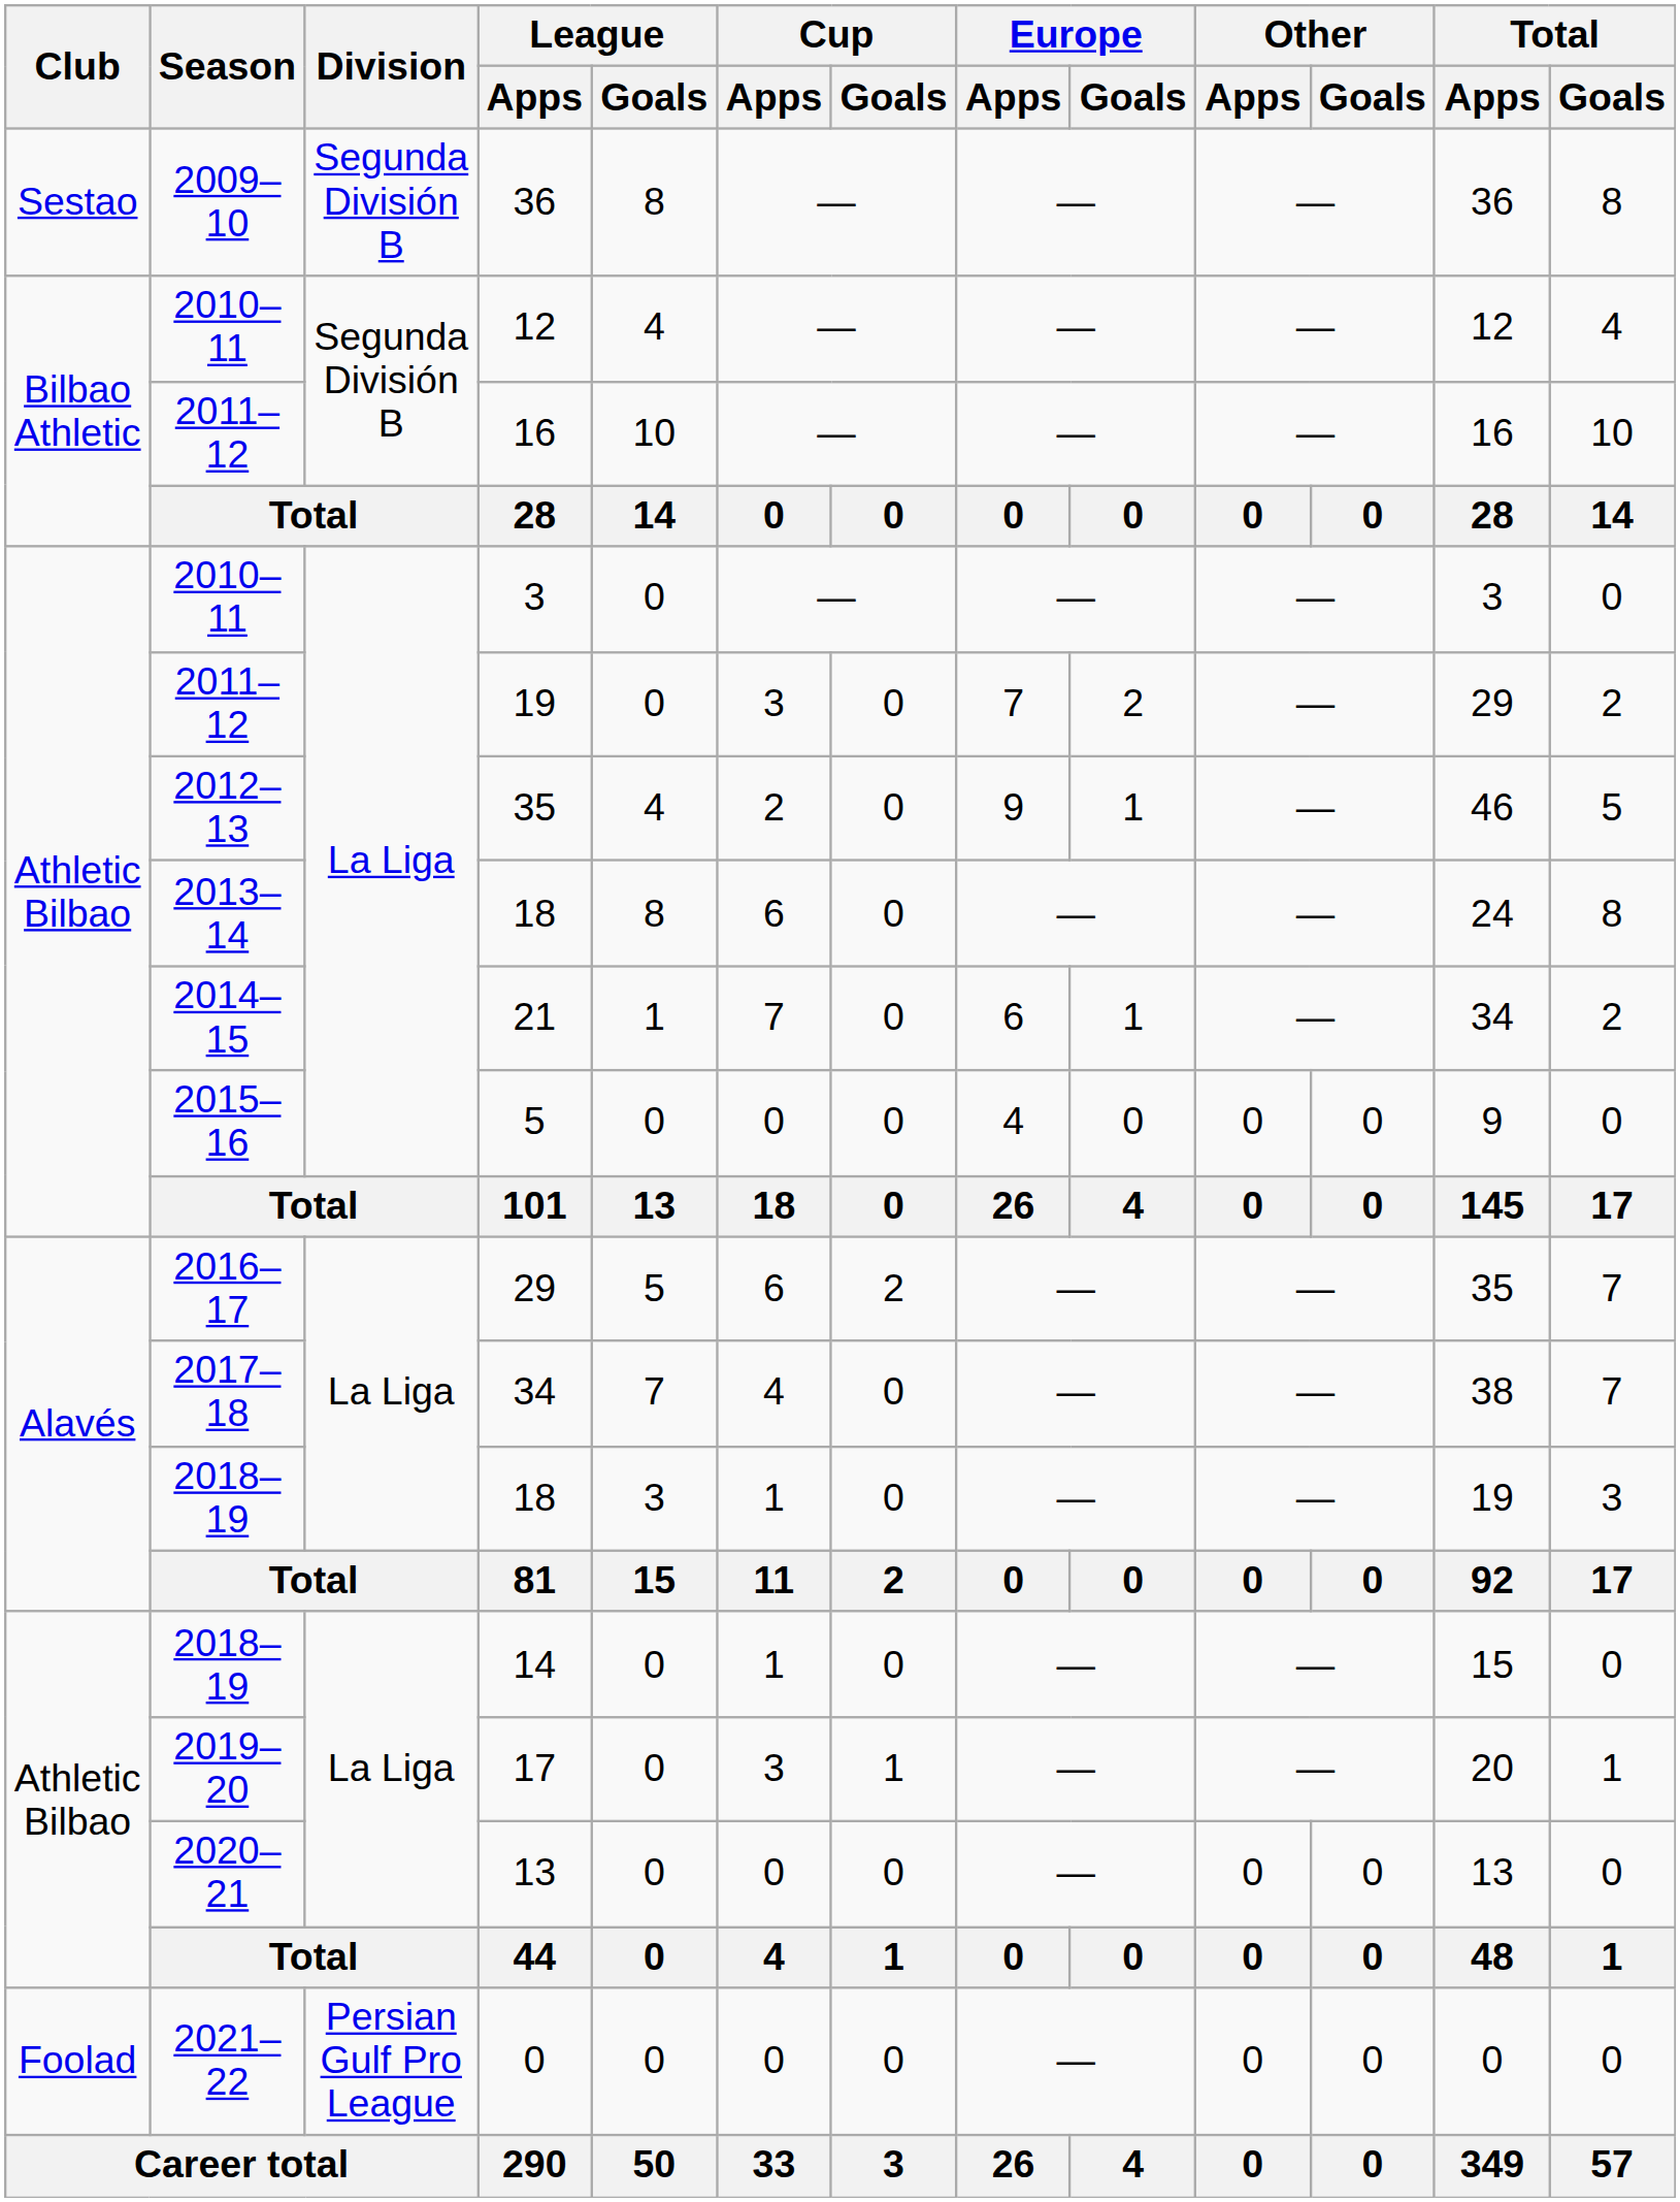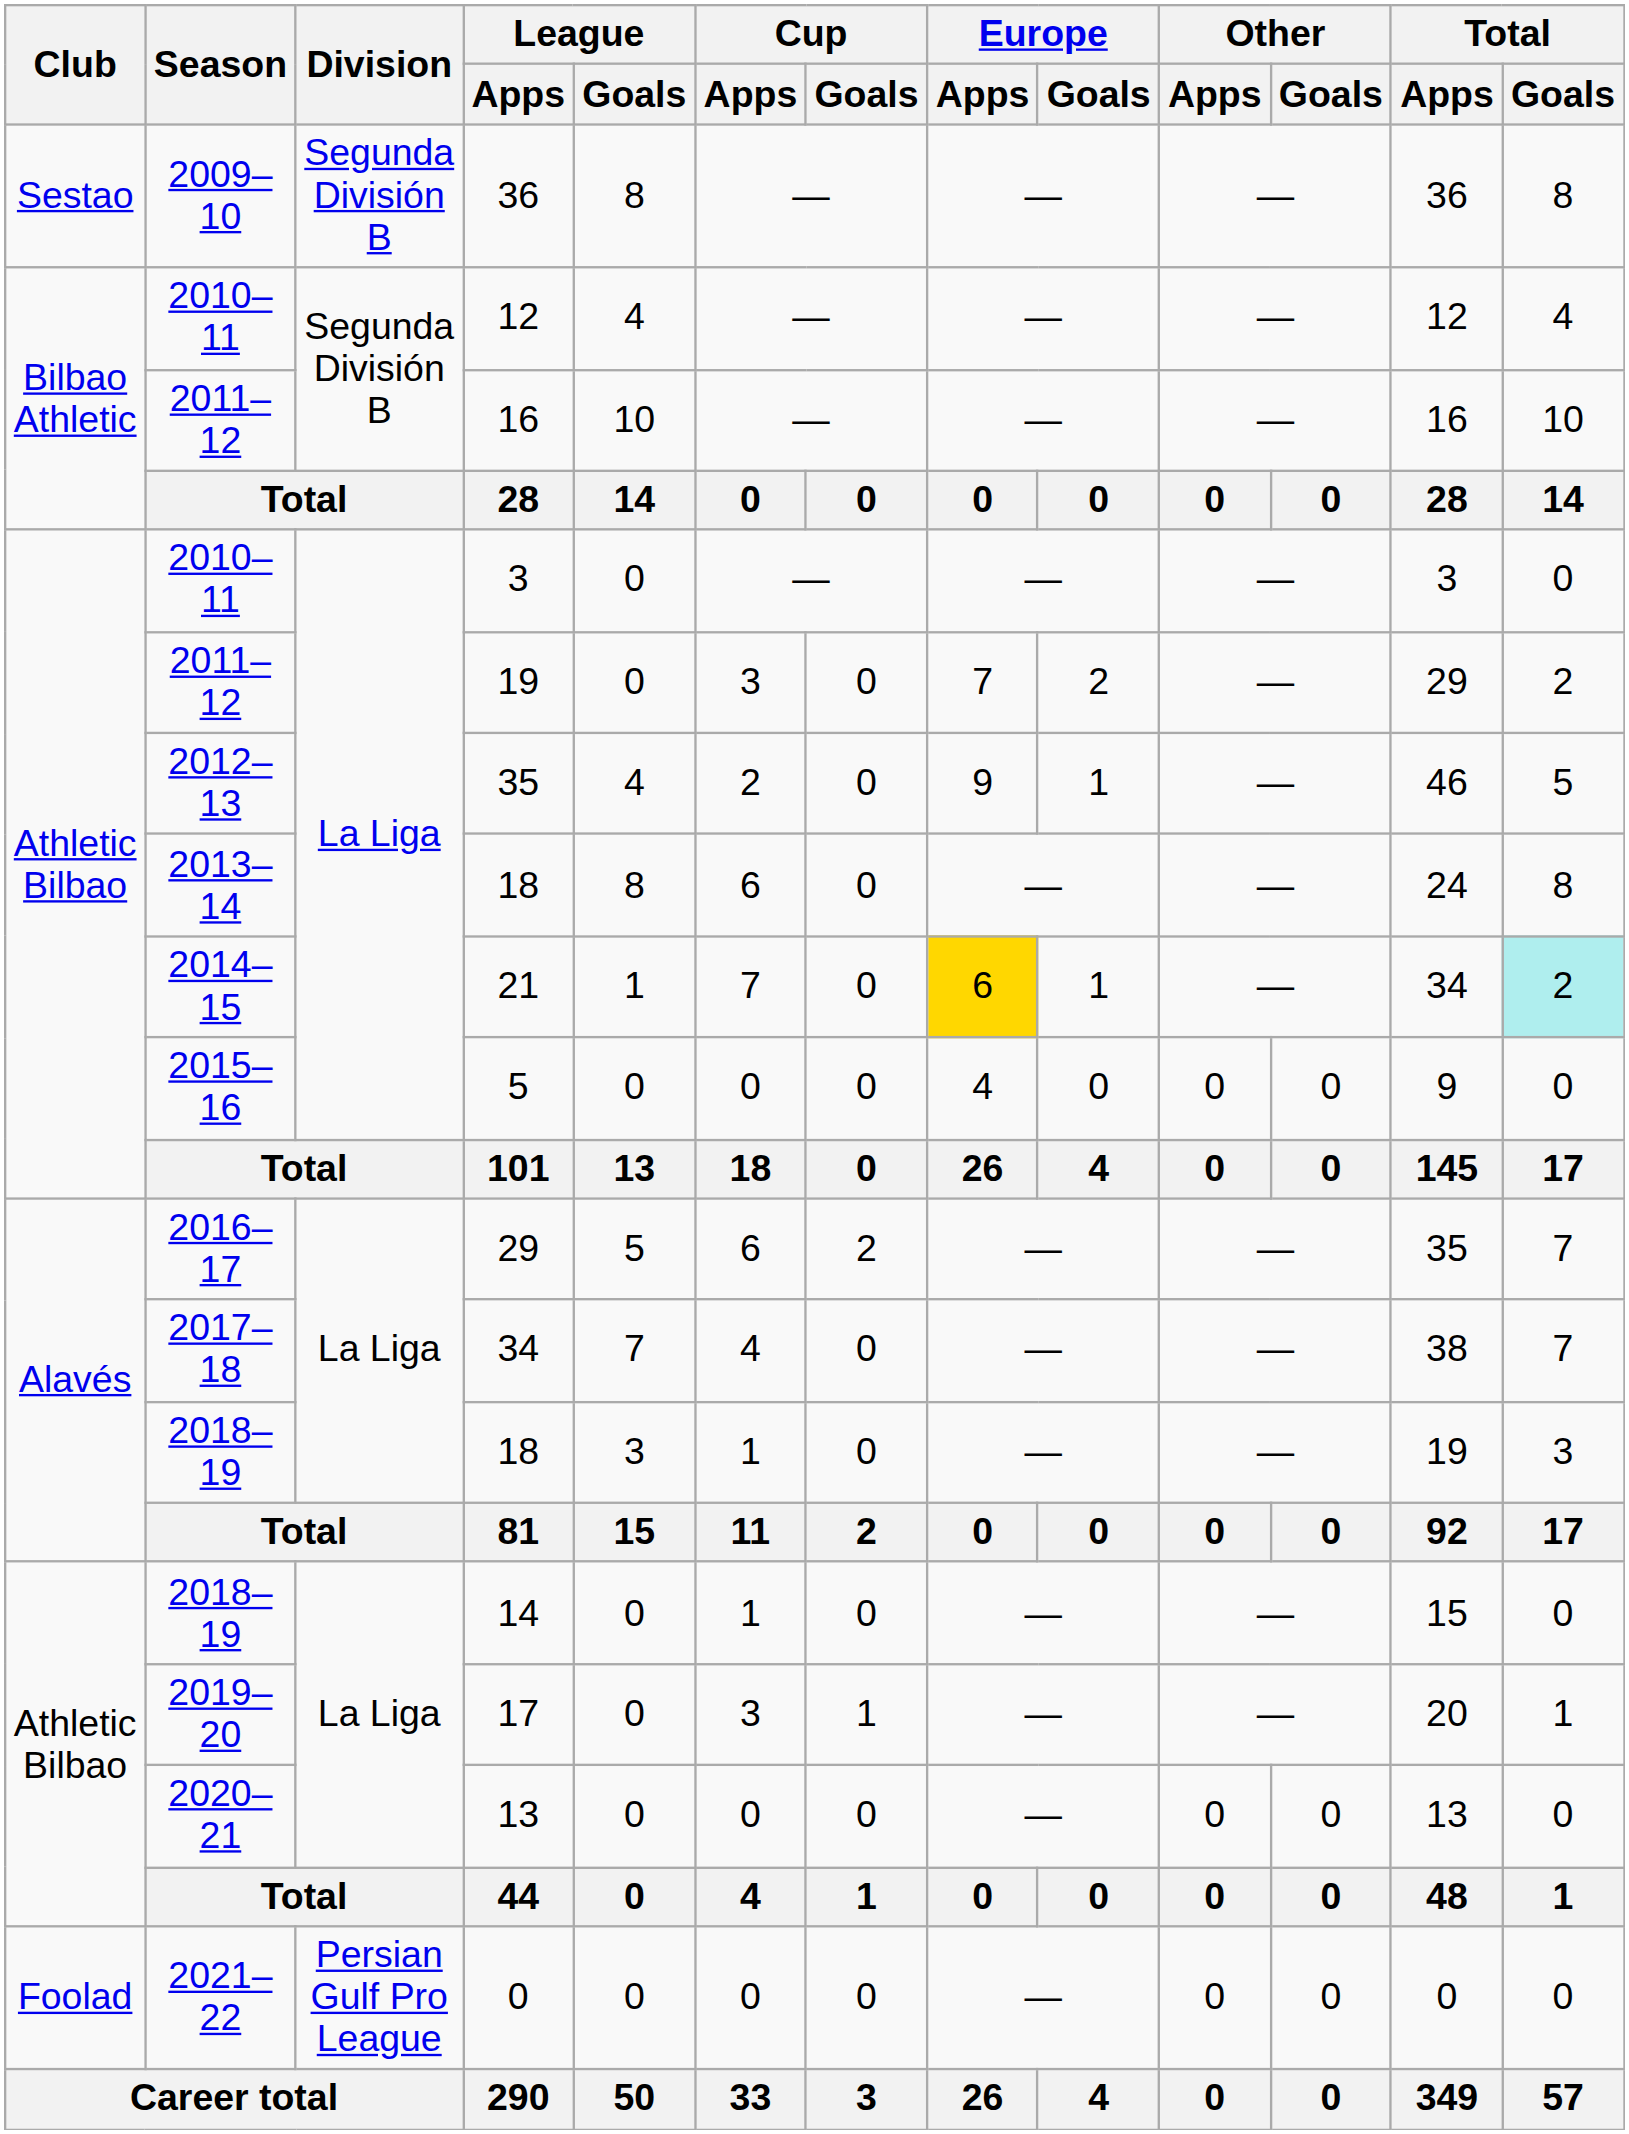 <table class="wikitable" style="text-align: center">
 <tr>
 <th rowspan="2">Club</th>
 <th rowspan="2">Season</th>
 <th rowspan="2">Division</th>
 <th colspan="2">League</th>
 <th colspan="2">Cup</th>
 <th colspan="2"><a href='#'>Europe</a></th>
 <th colspan="2">Other</th>
 <th colspan="2">Total</th>
 </tr>
 <tr>
 <th>Apps</th>
 <th>Goals</th>
 <th>Apps</th>
 <th>Goals</th>
 <th>Apps</th>
 <th>Goals</th>
 <th>Apps</th>
 <th>Goals</th>
 <th>Apps</th>
 <th>Goals</th>
 </tr>
 <tr>
 <td><a href='#'>Sestao</a></td>
 <td><a href='#'>2009–10</a></td>
 <td><a href='#'>Segunda División B</a></td>
 <td>36</td>
 <td>8</td>
 <td colspan="2">—</td>
 <td colspan="2">—</td>
 <td colspan="2">—</td>
 <td>36</td>
 <td>8</td>
 </tr>
 <tr>
 <td rowspan="3"><a href='#'>Bilbao Athletic</a></td>
 <td><a href='#'>2010–11</a></td>
 <td rowspan="2">Segunda División B</td>
 <td>12</td>
 <td>4</td>
 <td colspan="2">—</td>
 <td colspan="2">—</td>
 <td colspan="2">—</td>
 <td>12</td>
 <td>4</td>
 </tr>
 <tr>
 <td><a href='#'>2011–12</a></td>
 <td>16</td>
 <td>10</td>
 <td colspan="2">—</td>
 <td colspan="2">—</td>
 <td colspan="2">—</td>
 <td>16</td>
 <td>10</td>
 </tr>
 <tr>
 <th colspan="2">Total</th>
 <th>28</th>
 <th>14</th>
 <th>0</th>
 <th>0</th>
 <th>0</th>
 <th>0</th>
 <th>0</th>
 <th>0</th>
 <th>28</th>
 <th>14</th>
 </tr>
 <tr>
 <td rowspan="7"><a href='#'>Athletic Bilbao</a></td>
 <td><a href='#'>2010–11</a></td>
 <td rowspan="6"><a href='#'>La Liga</a></td>
 <td>3</td>
 <td>0</td>
 <td colspan="2">—</td>
 <td colspan="2">—</td>
 <td colspan="2">—</td>
 <td>3</td>
 <td>0</td>
 </tr>
 <tr>
 <td><a href='#'>2011–12</a></td>
 <td>19</td>
 <td>0</td>
 <td>3</td>
 <td>0</td>
 <td>7</td>
 <td>2</td>
 <td colspan="2">—</td>
 <td>29</td>
 <td>2</td>
 </tr>
 <tr>
 <td><a href='#'>2012–13</a></td>
 <td>35</td>
 <td>4</td>
 <td>2</td>
 <td>0</td>
 <td>9</td>
 <td>1</td>
 <td colspan="2">—</td>
 <td>46</td>
 <td>5</td>
 </tr>
 <tr>
 <td><a href='#'>2013–14</a></td>
 <td>18</td>
 <td>8</td>
 <td>6</td>
 <td>0</td>
 <td colspan="2">—</td>
 <td colspan="2">—</td>
 <td>24</td>
 <td>8</td>
 </tr>
 <tr>
 <td><a href='#'>2014–15</a></td>
 <td>21</td>
 <td>1</td>
 <td>7</td>
 <td>0</td>
-<td>6</td>
+<td style="background: gold;">6</td>
 <td>1</td>
 <td colspan="2">—</td>
 <td>34</td>
-<td>2</td>
+<td style="background: paleturquoise;">2</td>
 </tr>
 <tr>
 <td><a href='#'>2015–16</a></td>
 <td>5</td>
 <td>0</td>
 <td>0</td>
 <td>0</td>
 <td>4</td>
 <td>0</td>
 <td>0</td>
 <td>0</td>
 <td>9</td>
 <td>0</td>
 </tr>
 <tr>
 <th colspan="2">Total</th>
 <th>101</th>
 <th>13</th>
 <th>18</th>
 <th>0</th>
 <th>26</th>
 <th>4</th>
 <th>0</th>
 <th>0</th>
 <th>145</th>
 <th>17</th>
 </tr>
 <tr>
 <td rowspan="4"><a href='#'>Alavés</a></td>
 <td><a href='#'>2016–17</a></td>
 <td rowspan="3">La Liga</td>
 <td>29</td>
 <td>5</td>
 <td>6</td>
 <td>2</td>
 <td colspan="2">—</td>
 <td colspan="2">—</td>
 <td>35</td>
 <td>7</td>
 </tr>
 <tr>
 <td><a href='#'>2017–18</a></td>
 <td>34</td>
 <td>7</td>
 <td>4</td>
 <td>0</td>
 <td colspan="2">—</td>
 <td colspan="2">—</td>
 <td>38</td>
 <td>7</td>
 </tr>
 <tr>
 <td><a href='#'>2018–19</a></td>
 <td>18</td>
 <td>3</td>
 <td>1</td>
 <td>0</td>
 <td colspan="2">—</td>
 <td colspan="2">—</td>
 <td>19</td>
 <td>3</td>
 </tr>
 <tr>
 <th colspan="2">Total</th>
 <th>81</th>
 <th>15</th>
 <th>11</th>
 <th>2</th>
 <th>0</th>
 <th>0</th>
 <th>0</th>
 <th>0</th>
 <th>92</th>
 <th>17</th>
 </tr>
 <tr>
 <td rowspan="4">Athletic Bilbao</td>
 <td><a href='#'>2018–19</a></td>
 <td rowspan="3">La Liga</td>
 <td>14</td>
 <td>0</td>
 <td>1</td>
 <td>0</td>
 <td colspan="2">—</td>
 <td colspan="2">—</td>
 <td>15</td>
 <td>0</td>
 </tr>
 <tr>
 <td><a href='#'>2019–20</a></td>
 <td>17</td>
 <td>0</td>
 <td>3</td>
 <td>1</td>
 <td colspan="2">—</td>
 <td colspan="2">—</td>
 <td>20</td>
 <td>1</td>
 </tr>
 <tr>
 <td><a href='#'>2020–21</a></td>
 <td>13</td>
 <td>0</td>
 <td>0</td>
 <td>0</td>
 <td colspan="2">—</td>
 <td>0</td>
 <td>0</td>
 <td>13</td>
 <td>0</td>
 </tr>
 <tr>
 <th colspan="2">Total</th>
 <th>44</th>
 <th>0</th>
 <th>4</th>
 <th>1</th>
 <th>0</th>
 <th>0</th>
 <th>0</th>
 <th>0</th>
 <th>48</th>
 <th>1</th>
 </tr>
 <tr>
 <td><a href='#'>Foolad</a></td>
 <td><a href='#'>2021–22</a></td>
 <td><a href='#'>Persian Gulf Pro League</a></td>
 <td>0</td>
 <td>0</td>
 <td>0</td>
 <td>0</td>
 <td colspan="2">—</td>
 <td>0</td>
 <td>0</td>
 <td>0</td>
 <td>0</td>
 </tr>
 <tr>
 <th colspan="3">Career total</th>
 <th>290</th>
 <th>50</th>
 <th>33</th>
 <th>3</th>
 <th>26</th>
 <th>4</th>
 <th>0</th>
 <th>0</th>
 <th>349</th>
 <th>57</th>
 </tr>
 </table>
